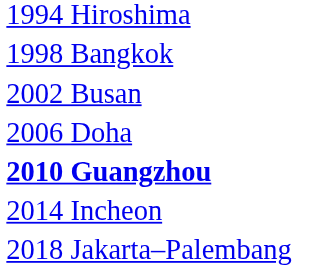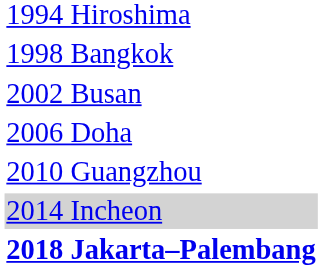 <table>
 <tr>
 <td><a href='#'>1994 Hiroshima</a></td>
 <td></td>
 <td></td>
 <td></td>
 </tr>
 <tr>
 <td><a href='#'>1998 Bangkok</a></td>
 <td></td>
 <td></td>
 <td></td>
 </tr>
 <tr>
 <td><a href='#'>2002 Busan</a></td>
 <td></td>
 <td></td>
 <td></td>
 </tr>
 <tr>
 <td><a href='#'>2006 Doha</a></td>
 <td></td>
 <td></td>
 <td></td>
 </tr>
 <tr>
-<td><strong><a href='#'>2010 Guangzhou</a></strong></td>
+<td><a href='#'>2010 Guangzhou</a></td>
 <td></td>
 <td></td>
 <td></td>
 </tr>
 <tr>
-<td><a href='#'>2014 Incheon</a></td>
+<td style="background: lightgrey;"><a href='#'>2014 Incheon</a></td>
 <td></td>
 <td></td>
 <td></td>
 </tr>
 <tr>
-<td><a href='#'>2018 Jakarta–Palembang</a></td>
+<td><strong><a href='#'>2018 Jakarta–Palembang</a></strong></td>
 <td></td>
 <td></td>
 <td></td>
 </tr>
 </table>
